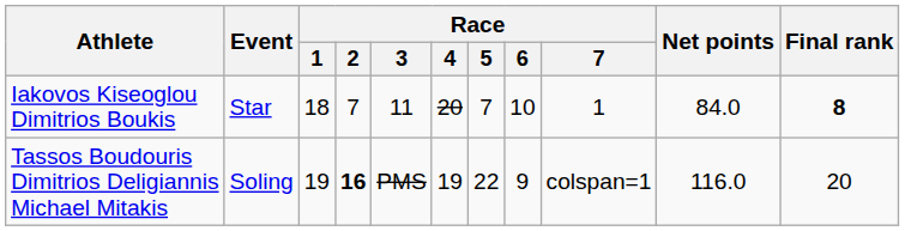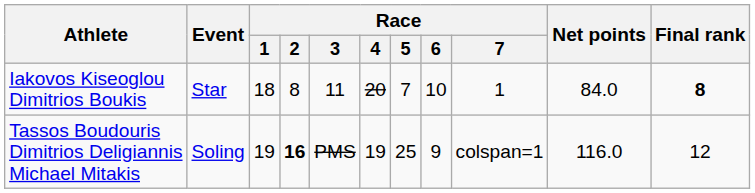 <table class="wikitable" style="font-size:90%">
 <tr>
 <th rowspan="2">Athlete</th>
 <th rowspan="2">Event</th>
 <th colspan=7>Race</th>
 <th rowspan=2>Net points</th>
 <th rowspan=2>Final rank</th>
 </tr>
 <tr style="font-size:95%">
 <th>1</th>
 <th>2</th>
 <th>3</th>
 <th>4</th>
 <th>5</th>
 <th>6</th>
 <th>7</th>
 </tr>
 <tr align=center>
 <td align=left><a href='#'>Iakovos Kiseoglou</a><br><a href='#'>Dimitrios Boukis</a></td>
 <td align=left><a href='#'>Star</a></td>
 <td>18</td>
-<td>7</td>
+<td>8</td>
 <td>11</td>
 <td><s>20</s></td>
 <td>7</td>
 <td>10</td>
 <td>1</td>
 <td>84.0</td>
 <td><strong>8</strong></td>
 </tr>
 <tr align=center>
 <td align=left><a href='#'>Tassos Boudouris</a><br><a href='#'>Dimitrios Deligiannis</a><br><a href='#'>Michael Mitakis</a></td>
 <td align=left><a href='#'>Soling</a></td>
 <td>19</td>
 <td><strong>16</strong></td>
 <td><s>PMS</s></td>
 <td>19</td>
-<td>22</td>
+<td>25</td>
 <td>9</td>
 <td>colspan=1 </td>
 <td>116.0</td>
-<td>20</td>
+<td>12</td>
 </tr>
 </table>
